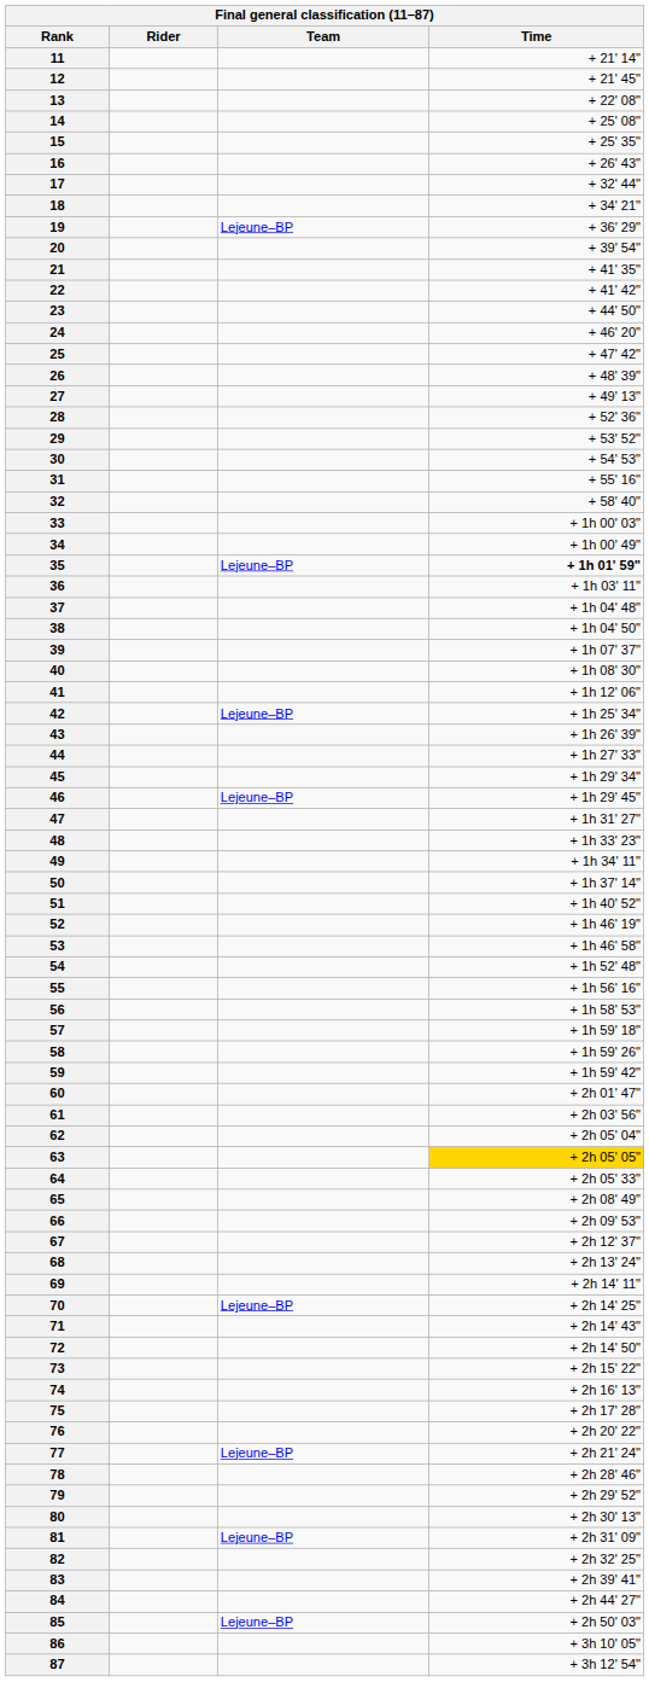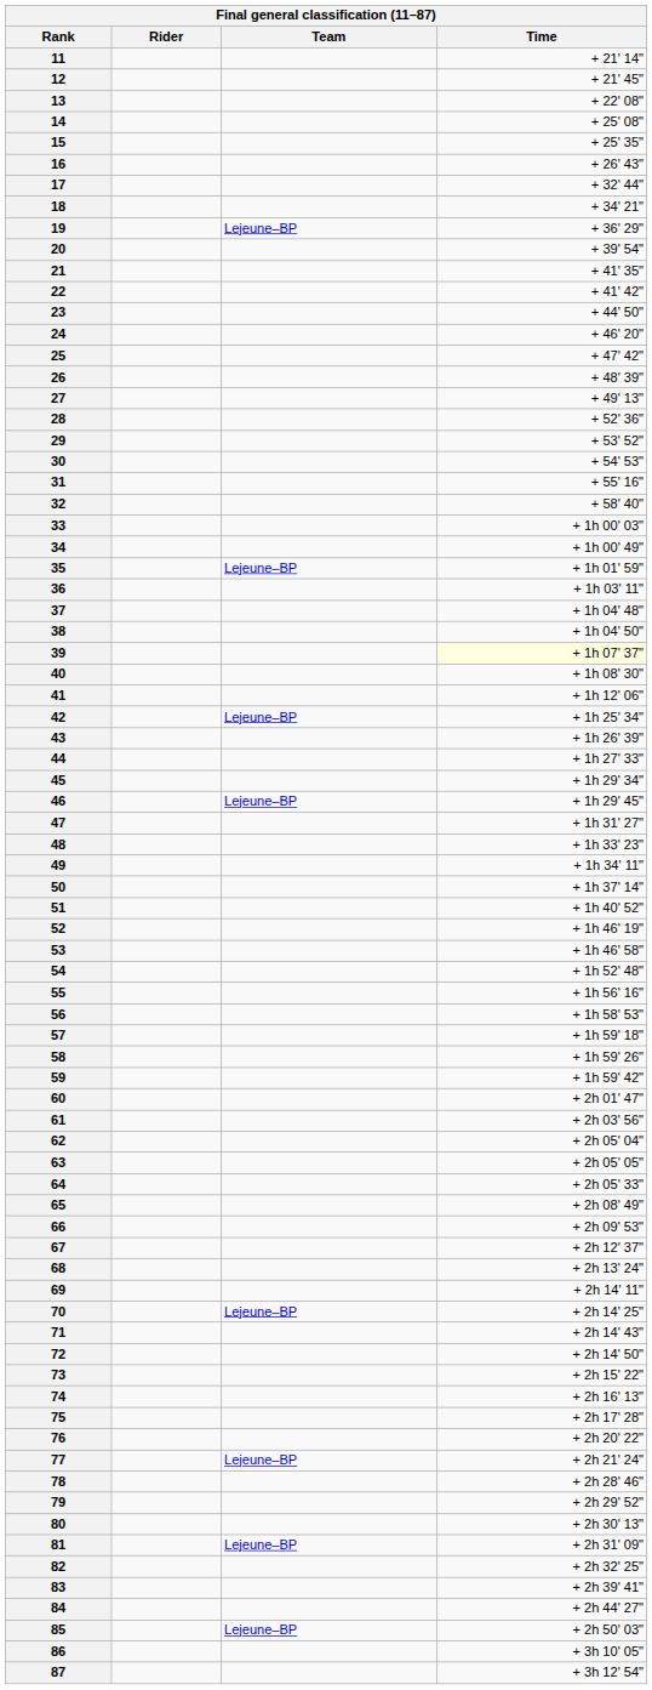 <table class="collapsible collapsed wikitable" style="width:48em;margin-top:-1px;">
 <tr>
 <th scope="col" colspan="4">Final general classification (11–87)</th>
 </tr>
 <tr>
 <th scope="col">Rank</th>
 <th scope="col">Rider</th>
 <th scope="col">Team</th>
 <th scope="col">Time</th>
 </tr>
 <tr |->
 <th scope="row">11</th>
 <td></td>
 <td></td>
 <td style="text-align:right;">+ 21' 14"</td>
 </tr>
 <tr>
 <th scope="row">12</th>
 <td></td>
 <td></td>
 <td style="text-align:right;">+ 21' 45"</td>
 </tr>
 <tr>
 <th scope="row">13</th>
 <td></td>
 <td></td>
 <td style="text-align:right;">+ 22' 08"</td>
 </tr>
 <tr>
 <th scope="row">14</th>
 <td></td>
 <td></td>
 <td style="text-align:right;">+ 25' 08"</td>
 </tr>
 <tr>
 <th scope="row">15</th>
 <td></td>
 <td></td>
 <td style="text-align:right;">+ 25' 35"</td>
 </tr>
 <tr>
 <th scope="row">16</th>
 <td> </td>
 <td></td>
 <td style="text-align:right;">+ 26' 43"</td>
 </tr>
 <tr>
 <th scope="row">17</th>
 <td></td>
 <td></td>
 <td style="text-align:right;">+ 32' 44"</td>
 </tr>
 <tr>
 <th scope="row">18</th>
 <td></td>
 <td></td>
 <td style="text-align:right;">+ 34' 21"</td>
 </tr>
 <tr>
 <th scope="row">19</th>
 <td></td>
 <td><a href='#'>Lejeune–BP</a></td>
 <td style="text-align:right;">+ 36' 29"</td>
 </tr>
 <tr>
 <th scope="row">20</th>
 <td></td>
 <td></td>
 <td style="text-align:right;">+ 39' 54"</td>
 </tr>
 <tr>
 <th scope="row">21</th>
 <td></td>
 <td></td>
 <td style="text-align:right;">+ 41' 35"</td>
 </tr>
 <tr>
 <th scope="row">22</th>
 <td></td>
 <td></td>
 <td style="text-align:right;">+ 41' 42"</td>
 </tr>
 <tr>
 <th scope="row">23</th>
 <td> </td>
 <td></td>
 <td style="text-align:right;">+ 44' 50"</td>
 </tr>
 <tr>
 <th scope="row">24</th>
 <td></td>
 <td></td>
 <td style="text-align:right;">+ 46' 20"</td>
 </tr>
 <tr>
 <th scope="row">25</th>
 <td></td>
 <td></td>
 <td style="text-align:right;">+ 47' 42"</td>
 </tr>
 <tr>
 <th scope="row">26</th>
 <td></td>
 <td></td>
 <td style="text-align:right;">+ 48' 39"</td>
 </tr>
 <tr>
 <th scope="row">27</th>
 <td></td>
 <td></td>
 <td style="text-align:right;">+ 49' 13"</td>
 </tr>
 <tr>
 <th scope="row">28</th>
 <td></td>
 <td></td>
 <td style="text-align:right;">+ 52' 36"</td>
 </tr>
 <tr>
 <th scope="row">29</th>
 <td></td>
 <td></td>
 <td style="text-align:right;">+ 53' 52"</td>
 </tr>
 <tr>
 <th scope="row">30</th>
 <td></td>
 <td></td>
 <td style="text-align:right;">+ 54' 53"</td>
 </tr>
 <tr>
 <th scope="row">31</th>
 <td></td>
 <td></td>
 <td style="text-align:right;">+ 55' 16"</td>
 </tr>
 <tr>
 <th scope="row">32</th>
 <td></td>
 <td></td>
 <td style="text-align:right;">+ 58' 40"</td>
 </tr>
 <tr>
 <th scope="row">33</th>
 <td></td>
 <td></td>
 <td style="text-align:right;">+ 1h 00' 03"</td>
 </tr>
 <tr>
 <th scope="row">34</th>
 <td></td>
 <td></td>
 <td style="text-align:right;">+ 1h 00' 49"</td>
 </tr>
 <tr>
 <th scope="row">35</th>
 <td></td>
 <td><a href='#'>Lejeune–BP</a></td>
-<td style="text-align:right;"><strong>+ 1h 01' 59"</strong></td>
+<td style="text-align:right;">+ 1h 01' 59"</td>
 </tr>
 <tr>
 <th scope="row">36</th>
 <td></td>
 <td></td>
 <td style="text-align:right;">+ 1h 03' 11"</td>
 </tr>
 <tr>
 <th scope="row">37</th>
 <td></td>
 <td></td>
 <td style="text-align:right;">+ 1h 04' 48"</td>
 </tr>
 <tr>
 <th scope="row">38</th>
 <td></td>
 <td></td>
 <td style="text-align:right;">+ 1h 04' 50"</td>
 </tr>
 <tr>
 <th scope="row">39</th>
 <td></td>
 <td></td>
-<td style="text-align:right;">+ 1h 07' 37"</td>
+<td style="background: lightyellow; text-align:right;">+ 1h 07' 37"</td>
 </tr>
 <tr>
 <th scope="row">40</th>
 <td></td>
 <td></td>
 <td style="text-align:right;">+ 1h 08' 30"</td>
 </tr>
 <tr>
 <th scope="row">41</th>
 <td></td>
 <td></td>
 <td style="text-align:right;">+ 1h 12' 06"</td>
 </tr>
 <tr>
 <th scope="row">42</th>
 <td></td>
 <td><a href='#'>Lejeune–BP</a></td>
 <td style="text-align:right;">+ 1h 25' 34"</td>
 </tr>
 <tr>
 <th scope="row">43</th>
 <td></td>
 <td></td>
 <td style="text-align:right;">+ 1h 26' 39"</td>
 </tr>
 <tr>
 <th scope="row">44</th>
 <td></td>
 <td></td>
 <td style="text-align:right;">+ 1h 27' 33"</td>
 </tr>
 <tr>
 <th scope="row">45</th>
 <td></td>
 <td></td>
 <td style="text-align:right;">+ 1h 29' 34"</td>
 </tr>
 <tr>
 <th scope="row">46</th>
 <td></td>
 <td><a href='#'>Lejeune–BP</a></td>
 <td style="text-align:right;">+ 1h 29' 45"</td>
 </tr>
 <tr>
 <th scope="row">47</th>
 <td></td>
 <td></td>
 <td style="text-align:right;">+ 1h 31' 27"</td>
 </tr>
 <tr>
 <th scope="row">48</th>
 <td></td>
 <td></td>
 <td style="text-align:right;">+ 1h 33' 23"</td>
 </tr>
 <tr>
 <th scope="row">49</th>
 <td></td>
 <td></td>
 <td style="text-align:right;">+ 1h 34' 11"</td>
 </tr>
 <tr>
 <th scope="row">50</th>
 <td></td>
 <td></td>
 <td style="text-align:right;">+ 1h 37' 14"</td>
 </tr>
 <tr>
 <th scope="row">51</th>
 <td></td>
 <td></td>
 <td style="text-align:right;">+ 1h 40' 52"</td>
 </tr>
 <tr>
 <th scope="row">52</th>
 <td></td>
 <td></td>
 <td style="text-align:right;">+ 1h 46' 19"</td>
 </tr>
 <tr>
 <th scope="row">53</th>
 <td></td>
 <td></td>
 <td style="text-align:right;">+ 1h 46' 58"</td>
 </tr>
 <tr>
 <th scope="row">54</th>
 <td></td>
 <td></td>
 <td style="text-align:right;">+ 1h 52' 48"</td>
 </tr>
 <tr>
 <th scope="row">55</th>
 <td></td>
 <td></td>
 <td style="text-align:right;">+ 1h 56' 16"</td>
 </tr>
 <tr>
 <th scope="row">56</th>
 <td></td>
 <td></td>
 <td style="text-align:right;">+ 1h 58' 53"</td>
 </tr>
 <tr>
 <th scope="row">57</th>
 <td></td>
 <td></td>
 <td style="text-align:right;">+ 1h 59' 18"</td>
 </tr>
 <tr>
 <th scope="row">58</th>
 <td></td>
 <td></td>
 <td style="text-align:right;">+ 1h 59' 26"</td>
 </tr>
 <tr>
 <th scope="row">59</th>
 <td></td>
 <td></td>
 <td style="text-align:right;">+ 1h 59' 42"</td>
 </tr>
 <tr>
 <th scope="row">60</th>
 <td></td>
 <td></td>
 <td style="text-align:right;">+ 2h 01' 47"</td>
 </tr>
 <tr>
 <th scope="row">61</th>
 <td></td>
 <td></td>
 <td style="text-align:right;">+ 2h 03' 56"</td>
 </tr>
 <tr>
 <th scope="row">62</th>
 <td></td>
 <td></td>
 <td style="text-align:right;">+ 2h 05' 04"</td>
 </tr>
 <tr>
 <th scope="row">63</th>
 <td></td>
 <td></td>
-<td style="background: gold; text-align:right;">+ 2h 05' 05"</td>
+<td style="text-align:right;">+ 2h 05' 05"</td>
 </tr>
 <tr>
 <th scope="row">64</th>
 <td></td>
 <td></td>
 <td style="text-align:right;">+ 2h 05' 33"</td>
 </tr>
 <tr>
 <th scope="row">65</th>
 <td></td>
 <td></td>
 <td style="text-align:right;">+ 2h 08' 49"</td>
 </tr>
 <tr>
 <th scope="row">66</th>
 <td></td>
 <td></td>
 <td style="text-align:right;">+ 2h 09' 53"</td>
 </tr>
 <tr>
 <th scope="row">67</th>
 <td></td>
 <td></td>
 <td style="text-align:right;">+ 2h 12' 37"</td>
 </tr>
 <tr>
 <th scope="row">68</th>
 <td></td>
 <td></td>
 <td style="text-align:right;">+ 2h 13' 24"</td>
 </tr>
 <tr>
 <th scope="row">69</th>
 <td></td>
 <td></td>
 <td style="text-align:right;">+ 2h 14' 11"</td>
 </tr>
 <tr>
 <th scope="row">70</th>
 <td></td>
 <td><a href='#'>Lejeune–BP</a></td>
 <td style="text-align:right;">+ 2h 14' 25"</td>
 </tr>
 <tr>
 <th scope="row">71</th>
 <td></td>
 <td></td>
 <td style="text-align:right;">+ 2h 14' 43"</td>
 </tr>
 <tr>
 <th scope="row">72</th>
 <td></td>
 <td></td>
 <td style="text-align:right;">+ 2h 14' 50"</td>
 </tr>
 <tr>
 <th scope="row">73</th>
 <td></td>
 <td></td>
 <td style="text-align:right;">+ 2h 15' 22"</td>
 </tr>
 <tr>
 <th scope="row">74</th>
 <td></td>
 <td></td>
 <td style="text-align:right;">+ 2h 16' 13"</td>
 </tr>
 <tr>
 <th scope="row">75</th>
 <td></td>
 <td></td>
 <td style="text-align:right;">+ 2h 17' 28"</td>
 </tr>
 <tr>
 <th scope="row">76</th>
 <td></td>
 <td></td>
 <td style="text-align:right;">+ 2h 20' 22"</td>
 </tr>
 <tr>
 <th scope="row">77</th>
 <td></td>
 <td><a href='#'>Lejeune–BP</a></td>
 <td style="text-align:right;">+ 2h 21' 24"</td>
 </tr>
 <tr>
 <th scope="row">78</th>
 <td></td>
 <td></td>
 <td style="text-align:right;">+ 2h 28' 46"</td>
 </tr>
 <tr>
 <th scope="row">79</th>
 <td></td>
 <td></td>
 <td style="text-align:right;">+ 2h 29' 52"</td>
 </tr>
 <tr>
 <th scope="row">80</th>
 <td></td>
 <td></td>
 <td style="text-align:right;">+ 2h 30' 13"</td>
 </tr>
 <tr>
 <th scope="row">81</th>
 <td></td>
 <td><a href='#'>Lejeune–BP</a></td>
 <td style="text-align:right;">+ 2h 31' 09"</td>
 </tr>
 <tr>
 <th scope="row">82</th>
 <td></td>
 <td></td>
 <td style="text-align:right;">+ 2h 32' 25"</td>
 </tr>
 <tr>
 <th scope="row">83</th>
 <td></td>
 <td></td>
 <td style="text-align:right;">+ 2h 39' 41"</td>
 </tr>
 <tr>
 <th scope="row">84</th>
 <td></td>
 <td></td>
 <td style="text-align:right;">+ 2h 44' 27"</td>
 </tr>
 <tr>
 <th scope="row">85</th>
 <td></td>
 <td><a href='#'>Lejeune–BP</a></td>
 <td style="text-align:right;">+ 2h 50' 03"</td>
 </tr>
 <tr>
 <th scope="row">86</th>
 <td></td>
 <td></td>
 <td style="text-align:right;">+ 3h 10' 05"</td>
 </tr>
 <tr>
 <th scope="row">87</th>
 <td></td>
 <td></td>
 <td style="text-align:right;">+ 3h 12' 54"</td>
 </tr>
 </table>
